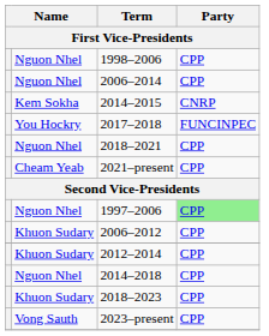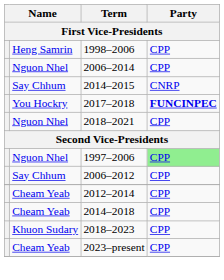 <table class="wikitable sortable">
 <tr>
 <th colspan="2">Name</th>
 <th>Term</th>
 <th>Party</th>
 </tr>
 <tr>
 <th colspan="4">First Vice-Presidents</th>
 </tr>
 <tr>
 <th style="background:"></th>
-<td><a href='#'>Nguon Nhel</a></td>
+<td><a href='#'>Heng Samrin</a></td>
 <td>1998–2006</td>
 <td><a href='#'>CPP</a></td>
 </tr>
 <tr>
 <th style="background:"></th>
 <td><a href='#'>Nguon Nhel</a></td>
 <td>2006–2014</td>
 <td><a href='#'>CPP</a></td>
 </tr>
 <tr>
 <th style="background:"></th>
-<td><a href='#'>Kem Sokha</a></td>
+<td><a href='#'>Say Chhum</a></td>
 <td>2014–2015</td>
 <td><a href='#'>CNRP</a></td>
 </tr>
 <tr>
 <th style="background:"></th>
 <td><a href='#'>You Hockry</a></td>
 <td>2017–2018</td>
-<td><a href='#'>FUNCINPEC</a></td>
+<td><strong><a href='#'>FUNCINPEC</a></strong></td>
 </tr>
 <tr>
 <th style="background:"></th>
 <td><a href='#'>Nguon Nhel</a></td>
 <td>2018–2021</td>
-<td><a href='#'>CPP</a></td>
-</tr>
-<tr>
-<th style="background:"></th>
-<td><a href='#'>Cheam Yeab</a></td>
-<td>2021–present</td>
 <td><a href='#'>CPP</a></td>
 </tr>
 <tr>
 <th colspan="4">Second Vice-Presidents</th>
 </tr>
 <tr>
 <th style="background:"></th>
 <td><a href='#'>Nguon Nhel</a></td>
 <td>1997–2006</td>
 <td style="background: lightgreen;"><a href='#'>CPP</a></td>
 </tr>
 <tr>
 <th style="background:"></th>
-<td><a href='#'>Khuon Sudary</a></td>
+<td><a href='#'>Say Chhum</a></td>
 <td>2006–2012</td>
 <td><a href='#'>CPP</a></td>
 </tr>
 <tr>
 </tr>
 <tr>
 <th style="background:"></th>
-<td><a href='#'>Khuon Sudary</a></td>
+<td><a href='#'>Cheam Yeab</a></td>
 <td>2012–2014</td>
 <td><a href='#'>CPP</a></td>
 </tr>
 <tr>
 <th style="background:"></th>
-<td><a href='#'>Nguon Nhel</a></td>
+<td><a href='#'>Cheam Yeab</a></td>
 <td>2014–2018</td>
 <td><a href='#'>CPP</a></td>
 </tr>
 <tr>
 <th style="background:"></th>
 <td><a href='#'>Khuon Sudary</a></td>
 <td>2018–2023</td>
 <td><a href='#'>CPP</a></td>
 </tr>
 <tr>
 <th style="background:"></th>
-<td><a href='#'>Vong Sauth</a></td>
+<td><a href='#'>Cheam Yeab</a></td>
 <td>2023–present</td>
 <td><a href='#'>CPP</a></td>
 </tr>
 <tr>
 </tr>
 </table>
